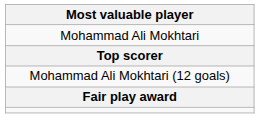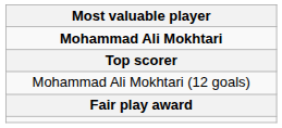 <table class="wikitable" style="margin: 1em auto 1em auto;">
 <tr>
 <th width=300>Most valuable player</th>
 </tr>
 <tr>
-<td style="text-align:center;"> Mohammad Ali Mokhtari</td>
+<td style="text-align:center;"><strong> Mohammad Ali Mokhtari</strong></td>
 </tr>
 <tr>
 <th>Top scorer</th>
 </tr>
 <tr>
 <td style="text-align:center;"> Mohammad Ali Mokhtari (12 goals)</td>
 </tr>
 <tr>
 <th>Fair play award</th>
 </tr>
 <tr>
 <td style="text-align:center;"></td>
 </tr>
 </table>
